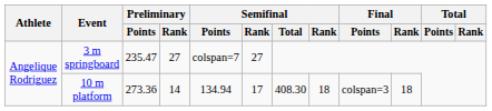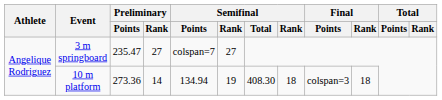 <table class=wikitable style=font-size:90%;text-align:center>
 <tr>
 <th rowspan=2>Athlete</th>
 <th rowspan=2>Event</th>
 <th colspan=2>Preliminary</th>
 <th colspan=4>Semifinal</th>
 <th colspan=2>Final</th>
 <th colspan=2>Total</th>
 </tr>
 <tr style=font-size:95%>
 <th>Points</th>
 <th>Rank</th>
 <th>Points</th>
 <th>Rank</th>
 <th>Total</th>
 <th>Rank</th>
 <th>Points</th>
 <th>Rank</th>
 <th>Points</th>
 <th>Rank</th>
 </tr>
 <tr>
 <td rowspan=2><a href='#'>Angelique Rodriguez</a></td>
 <td><a href='#'>3 m springboard</a></td>
 <td>235.47</td>
 <td>27</td>
 <td>colspan=7 </td>
 <td>27</td>
 </tr>
 <tr>
 <td><a href='#'>10 m platform</a></td>
 <td>273.36</td>
 <td>14</td>
 <td>134.94</td>
-<td>17</td>
+<td>19</td>
 <td>408.30</td>
 <td>18</td>
 <td>colspan=3 </td>
 <td>18</td>
 </tr>
 </table>
